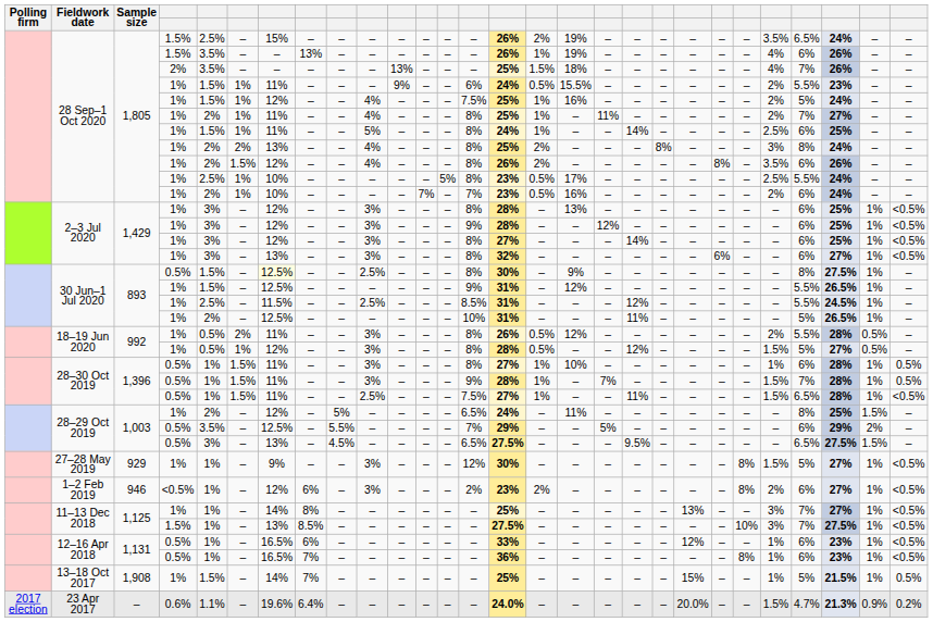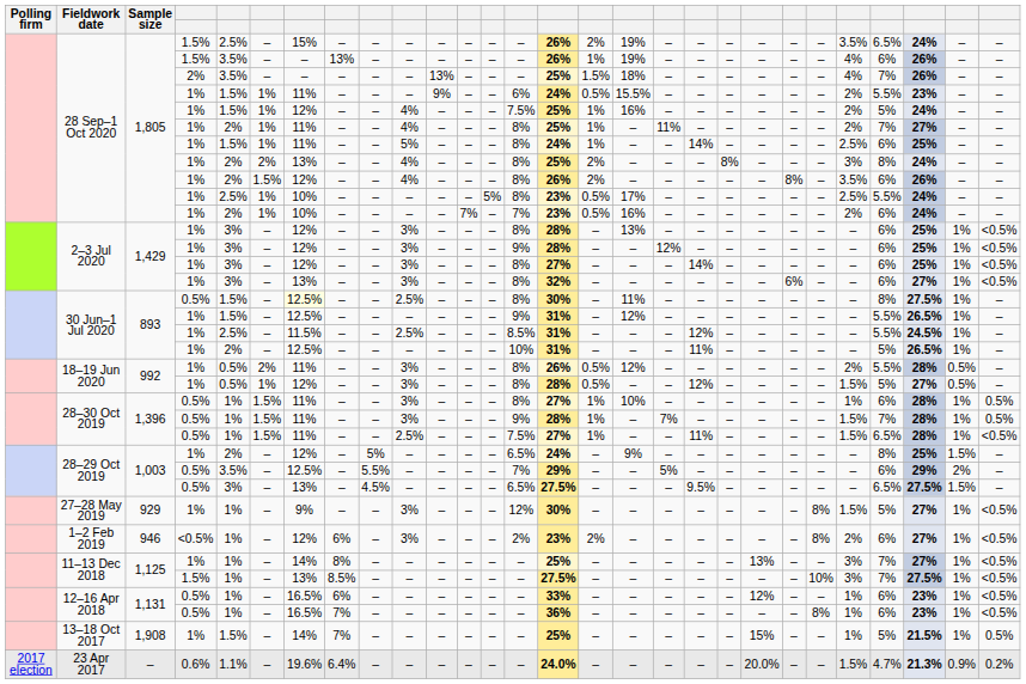 <table class="wikitable" style="text-align:center;font-size:95%;line-height:14px;">
 <tr valign=bottom>
 <th rowspan=2>Polling<br>firm</th>
 <th rowspan=2>Fieldwork<br>date</th>
 <th rowspan=2>Sample<br>size</th>
 <th></th>
 <th></th>
 <th></th>
 <th></th>
 <th></th>
 <th></th>
 <th></th>
 <th></th>
 <th></th>
 <th></th>
 <th></th>
 <th></th>
 <th></th>
 <th></th>
 <th></th>
 <th></th>
 <th></th>
 <th></th>
 <th></th>
 <th></th>
 <th></th>
 <th></th>
 <th></th>
 <th></th>
 <th></th>
 </tr>
 <tr>
 <th style="background:"></th>
 <th style="background:"></th>
 <th style="background:"></th>
 <th style="background:"></th>
 <th style="background:"></th>
 <th style="background:"></th>
 <th style="background:"></th>
 <th style="background:"></th>
 <th style="background:"></th>
 <th style="background:"></th>
 <th style="background:"></th>
 <th style="background:"></th>
 <th style="background:"></th>
 <th style="background:"></th>
 <th style="background:"></th>
 <th style="background:"></th>
 <th style="background:"></th>
 <th style="background:"></th>
 <th style="background:"></th>
 <th style="background:"></th>
 <th style="background:"></th>
 <th style="background:"></th>
 <th style="background:"></th>
 <th style="background:"></th>
 <th style="background:"></th>
 </tr>
 <tr>
 <td rowspan="11" style="background:#FFCCCC"></td>
 <td rowspan="11">28 Sep–1 Oct 2020</td>
 <td rowspan="11">1,805</td>
 <td>1.5%</td>
 <td>2.5%</td>
 <td>–</td>
 <td>15%</td>
 <td>–</td>
 <td>–</td>
 <td>–</td>
 <td>–</td>
 <td>–</td>
 <td>–</td>
 <td>–</td>
 <td style="background:#FFED99;"><strong>26%</strong></td>
 <td>2%</td>
 <td>19%</td>
 <td>–</td>
 <td>–</td>
 <td>–</td>
 <td>–</td>
 <td>–</td>
 <td>–</td>
 <td>3.5%</td>
 <td>6.5%</td>
 <td style="background:#E0E5F0;"><strong>24%</strong></td>
 <td>–</td>
 <td>–</td>
 </tr>
 <tr>
 <td>1.5%</td>
 <td>3.5%</td>
 <td>–</td>
 <td>–</td>
 <td>13%</td>
 <td>–</td>
 <td>–</td>
 <td>–</td>
 <td>–</td>
 <td>–</td>
 <td>–</td>
 <td style="background:#FFED99;"><strong>26%</strong></td>
 <td>1%</td>
 <td>19%</td>
 <td>–</td>
 <td>–</td>
 <td>–</td>
 <td>–</td>
 <td>–</td>
 <td>–</td>
 <td>4%</td>
 <td>6%</td>
 <td style="background:#C1CCE1;"><strong>26%</strong></td>
 <td>–</td>
 <td>–</td>
 </tr>
 <tr>
 <td>2%</td>
 <td>3.5%</td>
 <td>–</td>
 <td>–</td>
 <td>–</td>
 <td>–</td>
 <td>–</td>
 <td>13%</td>
 <td>–</td>
 <td>–</td>
 <td>–</td>
 <td style="background:#FFF7CE;"><strong>25%</strong></td>
 <td>1.5%</td>
 <td>18%</td>
 <td>–</td>
 <td>–</td>
 <td>–</td>
 <td>–</td>
 <td>–</td>
 <td>–</td>
 <td>4%</td>
 <td>7%</td>
 <td style="background:#C1CCE1;"><strong>26%</strong></td>
 <td>–</td>
 <td>–</td>
 </tr>
 <tr>
 <td>1%</td>
 <td>1.5%</td>
 <td>1%</td>
 <td>11%</td>
 <td>–</td>
 <td>–</td>
 <td>–</td>
 <td>9%</td>
 <td>–</td>
 <td>–</td>
 <td>6%</td>
 <td style="background:#FFED99;"><strong>24%</strong></td>
 <td>0.5%</td>
 <td>15.5%</td>
 <td>–</td>
 <td>–</td>
 <td>–</td>
 <td>–</td>
 <td>–</td>
 <td>–</td>
 <td>2%</td>
 <td>5.5%</td>
 <td style="background:#E0E5F0;"><strong>23%</strong></td>
 <td>–</td>
 <td>–</td>
 </tr>
 <tr>
 <td>1%</td>
 <td>1.5%</td>
 <td>1%</td>
 <td>12%</td>
 <td>–</td>
 <td>–</td>
 <td>4%</td>
 <td>–</td>
 <td>–</td>
 <td>–</td>
 <td>7.5%</td>
 <td style="background:#FFED99;"><strong>25%</strong></td>
 <td>1%</td>
 <td>16%</td>
 <td>–</td>
 <td>–</td>
 <td>–</td>
 <td>–</td>
 <td>–</td>
 <td>–</td>
 <td>2%</td>
 <td>5%</td>
 <td style="background:#E0E5F0;"><strong>24%</strong></td>
 <td>–</td>
 <td>–</td>
 </tr>
 <tr>
 <td>1%</td>
 <td>2%</td>
 <td>1%</td>
 <td>11%</td>
 <td>–</td>
 <td>–</td>
 <td>4%</td>
 <td>–</td>
 <td>–</td>
 <td>–</td>
 <td>8%</td>
 <td style="background:#FFF7CE;"><strong>25%</strong></td>
 <td>1%</td>
 <td>–</td>
 <td>11%</td>
 <td>–</td>
 <td>–</td>
 <td>–</td>
 <td>–</td>
 <td>–</td>
 <td>2%</td>
 <td>7%</td>
 <td style="background:#C1CCE1;"><strong>27%</strong></td>
 <td>–</td>
 <td>–</td>
 </tr>
 <tr>
 <td>1%</td>
 <td>1.5%</td>
 <td>1%</td>
 <td>11%</td>
 <td>–</td>
 <td>–</td>
 <td>5%</td>
 <td>–</td>
 <td>–</td>
 <td>–</td>
 <td>8%</td>
 <td style="background:#FFF7CE;"><strong>24%</strong></td>
 <td>1%</td>
 <td>–</td>
 <td>–</td>
 <td>14%</td>
 <td>–</td>
 <td>–</td>
 <td>–</td>
 <td>–</td>
 <td>2.5%</td>
 <td>6%</td>
 <td style="background:#C1CCE1;"><strong>25%</strong></td>
 <td>–</td>
 <td>–</td>
 </tr>
 <tr>
 <td>1%</td>
 <td>2%</td>
 <td>2%</td>
 <td>13%</td>
 <td>–</td>
 <td>–</td>
 <td>4%</td>
 <td>–</td>
 <td>–</td>
 <td>–</td>
 <td>8%</td>
 <td style="background:#FFED99;"><strong>25%</strong></td>
 <td>2%</td>
 <td>–</td>
 <td>–</td>
 <td>–</td>
 <td>8%</td>
 <td>–</td>
 <td>–</td>
 <td>–</td>
 <td>3%</td>
 <td>8%</td>
 <td style="background:#E0E5F0;"><strong>24%</strong></td>
 <td>–</td>
 <td>–</td>
 </tr>
 <tr>
 <td>1%</td>
 <td>2%</td>
 <td>1.5%</td>
 <td>12%</td>
 <td>–</td>
 <td>–</td>
 <td>4%</td>
 <td>–</td>
 <td>–</td>
 <td>–</td>
 <td>8%</td>
 <td style="background:#FFED99;"><strong>26%</strong></td>
 <td>2%</td>
 <td>–</td>
 <td>–</td>
 <td>–</td>
 <td>–</td>
 <td>–</td>
 <td>8%</td>
 <td>–</td>
 <td>3.5%</td>
 <td>6%</td>
 <td style="background:#C1CCE1;"><strong>26%</strong></td>
 <td>–</td>
 <td>–</td>
 </tr>
 <tr>
 <td>1%</td>
 <td>2.5%</td>
 <td>1%</td>
 <td>10%</td>
 <td>–</td>
 <td>–</td>
 <td>–</td>
 <td>–</td>
 <td>–</td>
 <td>5%</td>
 <td>8%</td>
 <td style="background:#FFF7CE;"><strong>23%</strong></td>
 <td>0.5%</td>
 <td>17%</td>
 <td>–</td>
 <td>–</td>
 <td>–</td>
 <td>–</td>
 <td>–</td>
 <td>–</td>
 <td>2.5%</td>
 <td>5.5%</td>
 <td style="background:#C1CCE1;"><strong>24%</strong></td>
 <td>–</td>
 <td>–</td>
 </tr>
 <tr>
 <td>1%</td>
 <td>2%</td>
 <td>1%</td>
 <td>10%</td>
 <td>–</td>
 <td>–</td>
 <td>–</td>
 <td>–</td>
 <td>7%</td>
 <td>–</td>
 <td>7%</td>
 <td style="background:#FFF7CE;"><strong>23%</strong></td>
 <td>0.5%</td>
 <td>16%</td>
 <td>–</td>
 <td>–</td>
 <td>–</td>
 <td>–</td>
 <td>–</td>
 <td>–</td>
 <td>2%</td>
 <td>6%</td>
 <td style="background:#C1CCE1;"><strong>24%</strong></td>
 <td>–</td>
 <td>–</td>
 </tr>
 <tr>
 <td rowspan="4" style="background:GreenYellow;"></td>
 <td rowspan="4" data-sort-value="2020-07-03">2–3 Jul 2020</td>
 <td rowspan="4">1,429</td>
 <td>1%</td>
 <td>3%</td>
 <td>–</td>
 <td>12%</td>
 <td>–</td>
 <td>–</td>
 <td>3%</td>
 <td>–</td>
 <td>–</td>
 <td>–</td>
 <td>8%</td>
 <td style="background:#FFED99;"><strong>28%</strong></td>
 <td>–</td>
 <td>13%</td>
 <td>–</td>
 <td>–</td>
 <td>–</td>
 <td>–</td>
 <td>–</td>
 <td>–</td>
 <td>–</td>
 <td>6%</td>
 <td style="background:#E0E5F0;"><strong>25%</strong></td>
 <td>1%</td>
 <td><0.5%</td>
 </tr>
 <tr>
 <td>1%</td>
 <td>3%</td>
 <td>–</td>
 <td>12%</td>
 <td>–</td>
 <td>–</td>
 <td>3%</td>
 <td>–</td>
 <td>–</td>
 <td>–</td>
 <td>9%</td>
 <td style="background:#FFED99;"><strong>28%</strong></td>
 <td>–</td>
 <td>–</td>
 <td>12%</td>
 <td>–</td>
 <td>–</td>
 <td>–</td>
 <td>–</td>
 <td>–</td>
 <td>–</td>
 <td>6%</td>
 <td style="background:#E0E5F0;"><strong>25%</strong></td>
 <td>1%</td>
 <td><0.5%</td>
 </tr>
 <tr>
 <td>1%</td>
 <td>3%</td>
 <td>–</td>
 <td>12%</td>
 <td>–</td>
 <td>–</td>
 <td>3%</td>
 <td>–</td>
 <td>–</td>
 <td>–</td>
 <td>8%</td>
 <td style="background:#FFED99;"><strong>27%</strong></td>
 <td>–</td>
 <td>–</td>
 <td>–</td>
 <td>14%</td>
 <td>–</td>
 <td>–</td>
 <td>–</td>
 <td>–</td>
 <td>–</td>
 <td>6%</td>
 <td style="background:#E0E5F0;"><strong>25%</strong></td>
 <td>1%</td>
 <td><0.5%</td>
 </tr>
 <tr>
 <td>1%</td>
 <td>3%</td>
 <td>–</td>
 <td>13%</td>
 <td>–</td>
 <td>–</td>
 <td>3%</td>
 <td>–</td>
 <td>–</td>
 <td>–</td>
 <td>8%</td>
 <td style="background:#FFED99;"><strong>32%</strong></td>
 <td>–</td>
 <td>–</td>
 <td>–</td>
 <td>–</td>
 <td>–</td>
 <td>–</td>
 <td>6%</td>
 <td>–</td>
 <td>–</td>
 <td>6%</td>
 <td style="background:#E0E5F0;"><strong>27%</strong></td>
 <td>1%</td>
 <td><0.5%</td>
 </tr>
 <tr>
 <td rowspan="4" style="background:#CAD5F7;"></td>
 <td rowspan="4" data-sort-value="2020-07-01">30 Jun–1 Jul 2020</td>
 <td rowspan="4">893</td>
 <td>0.5%</td>
 <td>1.5%</td>
 <td>–</td>
 <td style="background: lightyellow;">12.5%</td>
 <td>–</td>
 <td>–</td>
 <td>2.5%</td>
 <td>–</td>
 <td>–</td>
 <td>–</td>
 <td>8%</td>
 <td style="background:#FFED99;"><strong>30%</strong></td>
 <td>–</td>
-<td>9%</td>
+<td>11%</td>
 <td>–</td>
 <td>–</td>
 <td>–</td>
 <td>–</td>
 <td>–</td>
 <td>–</td>
 <td>–</td>
 <td>8%</td>
 <td style="background:#E0E5F0;"><strong>27.5%</strong></td>
 <td>1%</td>
 <td>–</td>
 </tr>
 <tr>
 <td>1%</td>
 <td>1.5%</td>
 <td>–</td>
 <td>12.5%</td>
 <td>–</td>
 <td>–</td>
 <td>–</td>
 <td>–</td>
 <td>–</td>
 <td>–</td>
 <td>9%</td>
 <td style="background:#FFED99;"><strong>31%</strong></td>
 <td>–</td>
 <td>12%</td>
 <td>–</td>
 <td>–</td>
 <td>–</td>
 <td>–</td>
 <td>–</td>
 <td>–</td>
 <td>–</td>
 <td>5.5%</td>
 <td style="background:#E0E5F0;"><strong>26.5%</strong></td>
 <td>1%</td>
 <td>–</td>
 </tr>
 <tr>
 <td>1%</td>
 <td>2.5%</td>
 <td>–</td>
 <td>11.5%</td>
 <td>–</td>
 <td>–</td>
 <td>2.5%</td>
 <td>–</td>
 <td>–</td>
 <td>–</td>
 <td>8.5%</td>
 <td style="background:#FFED99;"><strong>31%</strong></td>
 <td>–</td>
 <td>–</td>
 <td>–</td>
 <td>12%</td>
 <td>–</td>
 <td>–</td>
 <td>–</td>
 <td>–</td>
 <td>–</td>
 <td>5.5%</td>
 <td style="background:#E0E5F0;"><strong>24.5%</strong></td>
 <td>1%</td>
 <td>–</td>
 </tr>
 <tr>
 <td>1%</td>
 <td>2%</td>
 <td>–</td>
 <td>12.5%</td>
 <td>–</td>
 <td>–</td>
 <td>–</td>
 <td>–</td>
 <td>–</td>
 <td>–</td>
 <td>10%</td>
 <td style="background:#FFED99;"><strong>31%</strong></td>
 <td>–</td>
 <td>–</td>
 <td>–</td>
 <td>11%</td>
 <td>–</td>
 <td>–</td>
 <td>–</td>
 <td>–</td>
 <td>–</td>
 <td>5%</td>
 <td style="background:#E0E5F0;"><strong>26.5%</strong></td>
 <td>1%</td>
 <td>–</td>
 </tr>
 <tr>
 <td rowspan="2" style="background:#FFCCCC"></td>
 <td rowspan="2" data-sort-value="2020-06-19">18–19 Jun 2020</td>
 <td rowspan="2">992</td>
 <td>1%</td>
 <td>0.5%</td>
 <td>2%</td>
 <td>11%</td>
 <td>–</td>
 <td>–</td>
 <td>3%</td>
 <td>–</td>
 <td>–</td>
 <td>–</td>
 <td>8%</td>
 <td style="background:#FFF7CE;"><strong>26%</strong></td>
 <td>0.5%</td>
 <td>12%</td>
 <td>–</td>
 <td>–</td>
 <td>–</td>
 <td>–</td>
 <td>–</td>
 <td>–</td>
 <td>2%</td>
 <td>5.5%</td>
 <td style="background:#C1CCE1;"><strong>28%</strong></td>
 <td>0.5%</td>
 <td>–</td>
 </tr>
 <tr>
 <td>1%</td>
 <td>0.5%</td>
 <td>1%</td>
 <td>12%</td>
 <td>–</td>
 <td>–</td>
 <td>3%</td>
 <td>–</td>
 <td>–</td>
 <td>–</td>
 <td>8%</td>
 <td style="background:#FFED99;"><strong>28%</strong></td>
 <td>0.5%</td>
 <td>–</td>
 <td>–</td>
 <td>12%</td>
 <td>–</td>
 <td>–</td>
 <td>–</td>
 <td>–</td>
 <td>1.5%</td>
 <td>5%</td>
 <td style="background:#E0E5F0;"><strong>27%</strong></td>
 <td>0.5%</td>
 <td>–</td>
 </tr>
 <tr>
 <td rowspan="3" style="background:#FFCCCC"></td>
 <td rowspan="3" data-sort-value="2019-10-30">28–30 Oct 2019</td>
 <td rowspan="3">1,396</td>
 <td>0.5%</td>
 <td>1%</td>
 <td>1.5%</td>
 <td>11%</td>
 <td>–</td>
 <td>–</td>
 <td>3%</td>
 <td>–</td>
 <td>–</td>
 <td>–</td>
 <td>8%</td>
 <td style="background:#FFF7CE;"><strong>27%</strong></td>
 <td>1%</td>
 <td>10%</td>
 <td>–</td>
 <td>–</td>
 <td>–</td>
 <td>–</td>
 <td>–</td>
 <td>–</td>
 <td>1%</td>
 <td>6%</td>
 <td style="background:#C1CCE1;"><strong>28%</strong></td>
 <td>1%</td>
 <td>0.5%</td>
 </tr>
 <tr>
 <td>0.5%</td>
 <td>1%</td>
 <td>1.5%</td>
 <td>11%</td>
 <td>–</td>
 <td>–</td>
 <td>3%</td>
 <td>–</td>
 <td>–</td>
 <td>–</td>
 <td>9%</td>
 <td style="background:#FFED99;"><strong>28%</strong></td>
 <td>1%</td>
 <td>–</td>
 <td>7%</td>
 <td>–</td>
 <td>–</td>
 <td>–</td>
 <td>–</td>
 <td>–</td>
 <td>1.5%</td>
 <td>7%</td>
 <td style="background:#C1CCE1;"><strong>28%</strong></td>
 <td>1%</td>
 <td>0.5%</td>
 </tr>
 <tr>
 <td>0.5%</td>
 <td>1%</td>
 <td>1.5%</td>
 <td>11%</td>
 <td>–</td>
 <td>–</td>
 <td>2.5%</td>
 <td>–</td>
 <td>–</td>
 <td>–</td>
 <td>7.5%</td>
 <td style="background:#FFF7CE;"><strong>27%</strong></td>
 <td>1%</td>
 <td>–</td>
 <td>–</td>
 <td>11%</td>
 <td>–</td>
 <td>–</td>
 <td>–</td>
 <td>–</td>
 <td>1.5%</td>
 <td>6.5%</td>
 <td style="background:#C1CCE1;"><strong>28%</strong></td>
 <td>1%</td>
 <td data-sort-value="0%"><0.5%</td>
 </tr>
 <tr>
 <td rowspan="3" style="background:#CAD5F7;"></td>
 <td rowspan="3" data-sort-value="2019-05-28">28–29 Oct 2019</td>
 <td rowspan="3">1,003</td>
 <td>1%</td>
 <td>2%</td>
 <td>–</td>
 <td>12%</td>
 <td>–</td>
 <td>5%</td>
 <td>–</td>
 <td>–</td>
 <td>–</td>
 <td>–</td>
 <td>6.5%</td>
 <td style="background:#FFF7CE;"><strong>24%</strong></td>
 <td>–</td>
-<td>11%</td>
+<td>9%</td>
 <td>–</td>
 <td>–</td>
 <td>–</td>
 <td>–</td>
 <td>–</td>
 <td>–</td>
 <td>–</td>
 <td>8%</td>
 <td style="background:#C1CCE1;"><strong>25%</strong></td>
 <td>1.5%</td>
 <td>–</td>
 </tr>
 <tr>
 <td>0.5%</td>
 <td>3.5%</td>
 <td>–</td>
 <td>12.5%</td>
 <td>–</td>
 <td>5.5%</td>
 <td>–</td>
 <td>–</td>
 <td>–</td>
 <td>–</td>
 <td>7%</td>
 <td style="background:#FFED99;"><strong>29%</strong></td>
 <td>–</td>
 <td>–</td>
 <td>5%</td>
 <td>–</td>
 <td>–</td>
 <td>–</td>
 <td>–</td>
 <td>–</td>
 <td>–</td>
 <td>6%</td>
 <td style="background:#C1CCE1;"><strong>29%</strong></td>
 <td>2%</td>
 <td>–</td>
 </tr>
 <tr>
 <td>0.5%</td>
 <td>3%</td>
 <td>–</td>
 <td>13%</td>
 <td>–</td>
 <td>4.5%</td>
 <td>–</td>
 <td>–</td>
 <td>–</td>
 <td>–</td>
 <td>6.5%</td>
 <td style="background:#FFED99;"><strong>27.5%</strong></td>
 <td>–</td>
 <td>–</td>
 <td>–</td>
 <td>9.5%</td>
 <td>–</td>
 <td>–</td>
 <td>–</td>
 <td>–</td>
 <td>–</td>
 <td>6.5%</td>
 <td style="background:#C1CCE1;"><strong>27.5%</strong></td>
 <td>1.5%</td>
 <td>–</td>
 </tr>
 <tr>
 <td style="background:#FFCCCC;"></td>
 <td>27–28 May 2019</td>
 <td>929</td>
 <td>1%</td>
 <td>1%</td>
 <td>–</td>
 <td>9%</td>
 <td>–</td>
 <td>–</td>
 <td>3%</td>
 <td>–</td>
 <td>–</td>
 <td>–</td>
 <td>12%</td>
 <td style="background:#FFED99;"><strong>30%</strong></td>
 <td>–</td>
 <td>–</td>
 <td>–</td>
 <td>–</td>
 <td>–</td>
 <td>–</td>
 <td>–</td>
 <td>8%</td>
 <td>1.5%</td>
 <td>5%</td>
 <td style="background:#E0E5F0;"><strong>27%</strong></td>
 <td>1%</td>
 <td data-sort-value="0%"><0.5%</td>
 </tr>
 <tr>
 <td style="background:#FFCCCC;"></td>
 <td>1–2 Feb 2019</td>
 <td>946</td>
 <td data-sort-value="0%"><0.5%</td>
 <td>1%</td>
 <td>–</td>
 <td>12%</td>
 <td>6%</td>
 <td>–</td>
 <td>3%</td>
 <td>–</td>
 <td>–</td>
 <td>–</td>
 <td>2%</td>
 <td style="background:#FFED99;"><strong>23%</strong></td>
 <td>2%</td>
 <td>–</td>
 <td>–</td>
 <td>–</td>
 <td>–</td>
 <td>–</td>
 <td>–</td>
 <td>8%</td>
 <td>2%</td>
 <td>6%</td>
 <td style="background:#E0E5F0;"><strong>27%</strong></td>
 <td>1%</td>
 <td data-sort-value="0%"><0.5%</td>
 </tr>
 <tr>
 <td rowspan="2" style="background:#FFCCCC;"></td>
 <td rowspan="2">11–13 Dec 2018</td>
 <td rowspan="2">1,125</td>
 <td>1%</td>
 <td>1%</td>
 <td>–</td>
 <td>14%</td>
 <td>8%</td>
 <td>–</td>
 <td>–</td>
 <td>–</td>
 <td>–</td>
 <td>–</td>
 <td>–</td>
 <td style="background:#FFF7CE;"><strong>25%</strong></td>
 <td>–</td>
 <td>–</td>
 <td>–</td>
 <td>–</td>
 <td>–</td>
 <td>13%</td>
 <td>–</td>
 <td>–</td>
 <td>3%</td>
 <td>7%</td>
 <td style="background:#C1CCE1;"><strong>27%</strong></td>
 <td>1%</td>
 <td data-sort-value="0%"><0.5%</td>
 </tr>
 <tr>
 <td>1.5%</td>
 <td>1%</td>
 <td>–</td>
 <td>13%</td>
 <td>8.5%</td>
 <td>–</td>
 <td>–</td>
 <td>–</td>
 <td>–</td>
 <td>–</td>
 <td>–</td>
 <td style="background:#FFED99;"><strong>27.5%</strong></td>
 <td>–</td>
 <td>–</td>
 <td>–</td>
 <td>–</td>
 <td>–</td>
 <td>–</td>
 <td>–</td>
 <td>10%</td>
 <td>3%</td>
 <td>7%</td>
 <td style="background:#C1CCE1;"><strong>27.5%</strong></td>
 <td>1%</td>
 <td data-sort-value="0%"><0.5%</td>
 </tr>
 <tr>
 <td rowspan="2" style="background:#FFCCCC;"></td>
 <td rowspan="2">12–16 Apr 2018</td>
 <td rowspan="2">1,131</td>
 <td>0.5%</td>
 <td>1%</td>
 <td>–</td>
 <td>16.5%</td>
 <td>6%</td>
 <td>–</td>
 <td>–</td>
 <td>–</td>
 <td>–</td>
 <td>–</td>
 <td>–</td>
 <td style="background:#FFED99;"><strong>33%</strong></td>
 <td>–</td>
 <td>–</td>
 <td>–</td>
 <td>–</td>
 <td>–</td>
 <td>12%</td>
 <td>–</td>
 <td>–</td>
 <td>1%</td>
 <td>6%</td>
 <td style="background:#E0E5F0;"><strong>23%</strong></td>
 <td>1%</td>
 <td data-sort-value="0%"><0.5%</td>
 </tr>
 <tr>
 <td>0.5%</td>
 <td>1%</td>
 <td>–</td>
 <td>16.5%</td>
 <td>7%</td>
 <td>–</td>
 <td>–</td>
 <td>–</td>
 <td>–</td>
 <td>–</td>
 <td>–</td>
 <td style="background:#FFED99;"><strong>36%</strong></td>
 <td>–</td>
 <td>–</td>
 <td>–</td>
 <td>–</td>
 <td>–</td>
 <td>–</td>
 <td>–</td>
 <td>8%</td>
 <td>1%</td>
 <td>6%</td>
 <td style="background:#E0E5F0;"><strong>23%</strong></td>
 <td>1%</td>
 <td data-sort-value="0%"><0.5%</td>
 </tr>
 <tr>
 <td style="background:#FFCCCC;"></td>
 <td>13–18 Oct 2017</td>
 <td>1,908</td>
 <td>1%</td>
 <td>1.5%</td>
 <td>–</td>
 <td>14%</td>
 <td>7%</td>
 <td>–</td>
 <td>–</td>
 <td>–</td>
 <td>–</td>
 <td>–</td>
 <td>–</td>
 <td style="background:#FFED99;"><strong>25%</strong></td>
 <td>–</td>
 <td>–</td>
 <td>–</td>
 <td>–</td>
 <td>–</td>
 <td>15%</td>
 <td>–</td>
 <td>–</td>
 <td>1%</td>
 <td>5%</td>
 <td style="background:#E0E5F0;"><strong>21.5%</strong></td>
 <td>1%</td>
 <td>0.5%</td>
 </tr>
 <tr style="background:#E9E9E9;">
 <td><a href='#'>2017 election</a></td>
 <td>23 Apr 2017</td>
 <td>–</td>
 <td>0.6%</td>
 <td>1.1%</td>
 <td>–</td>
 <td>19.6%</td>
 <td>6.4%</td>
 <td>–</td>
 <td>–</td>
 <td>–</td>
 <td>–</td>
 <td>–</td>
 <td>–</td>
 <td style="background:#FFED99;"><strong>24.0%</strong></td>
 <td>–</td>
 <td>–</td>
 <td>–</td>
 <td>–</td>
 <td>–</td>
 <td>20.0%</td>
 <td>–</td>
 <td>–</td>
 <td>1.5%</td>
 <td>4.7%</td>
 <td style="background:#E0E5F0;"><strong>21.3%</strong></td>
 <td>0.9%</td>
 <td>0.2%</td>
 </tr>
 </table>
